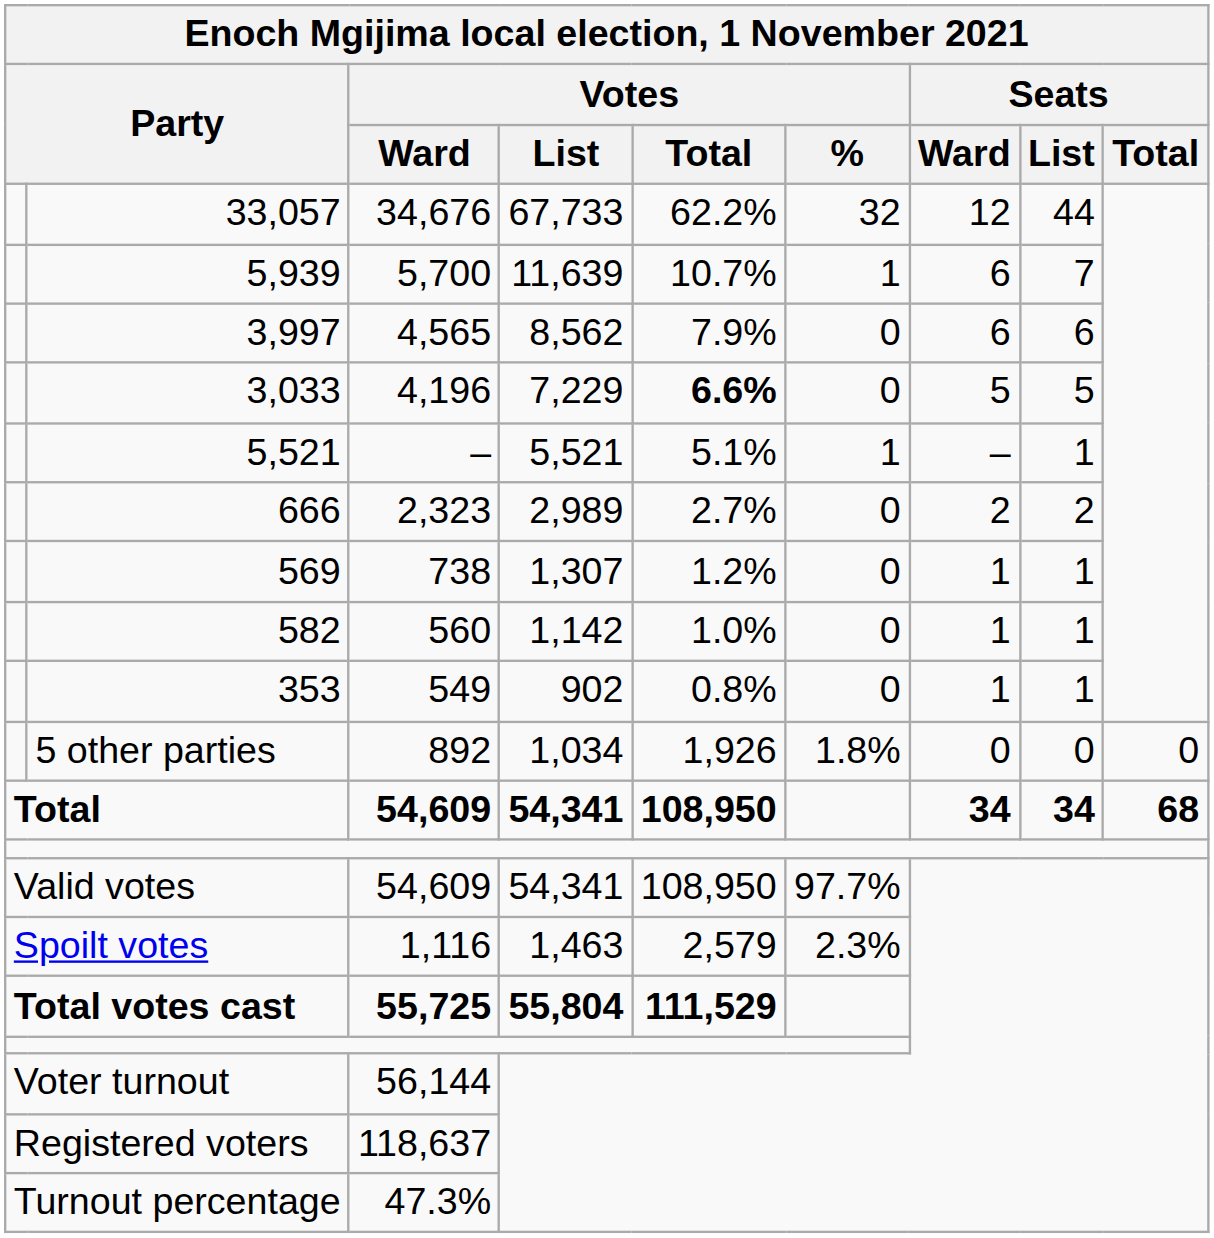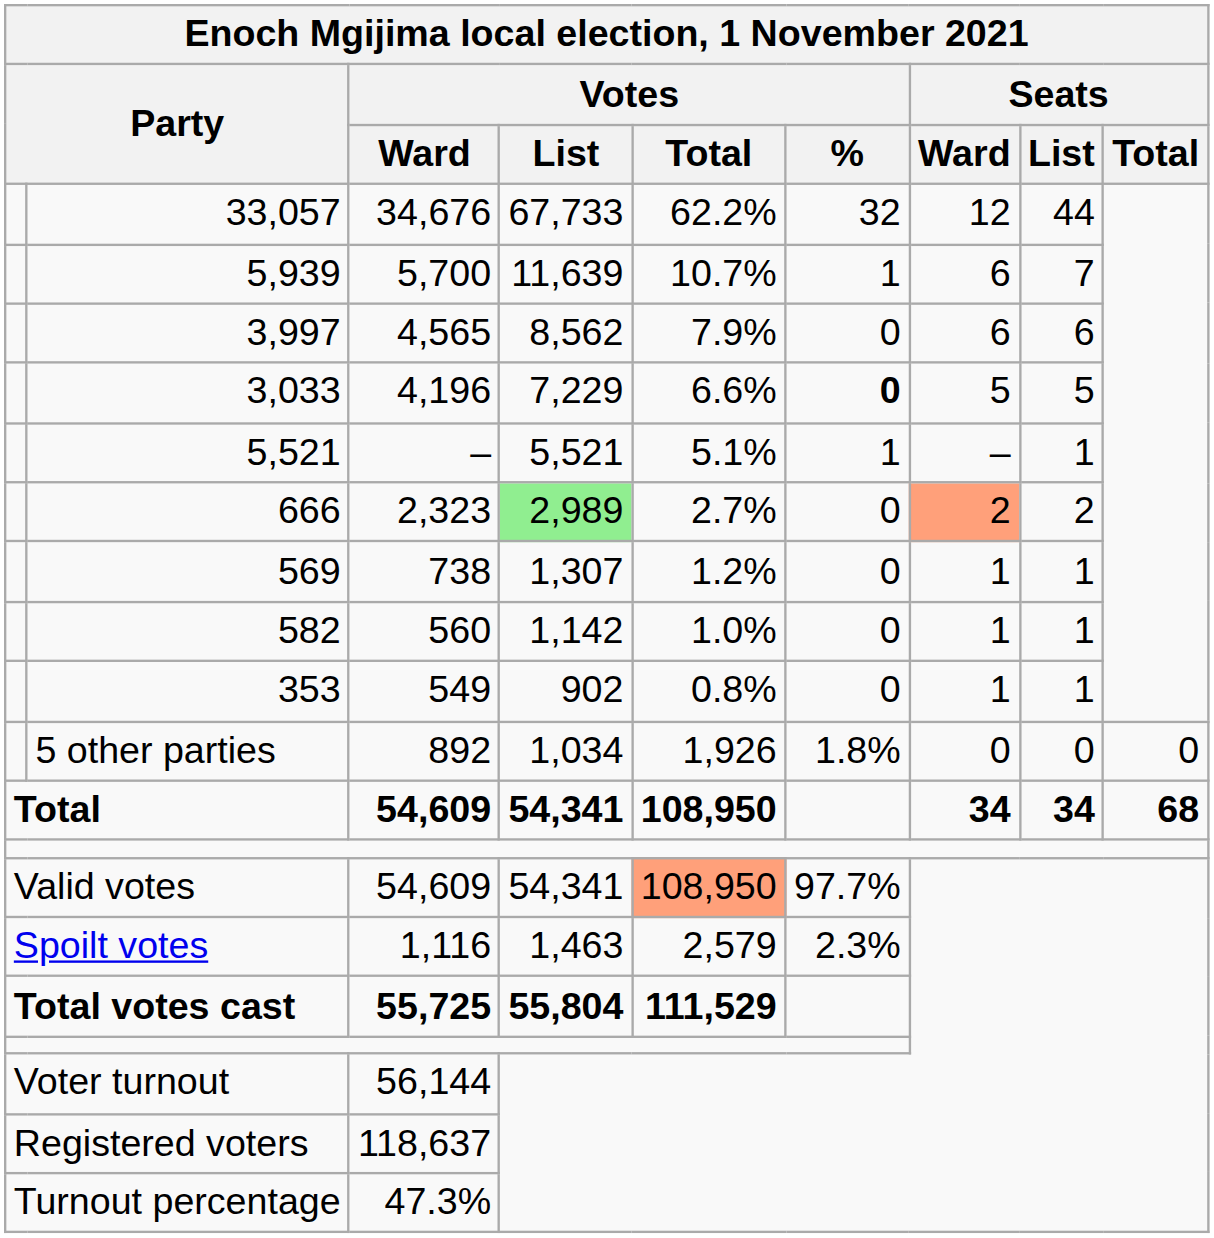 <table class=wikitable style="text-align:right">
 <tr>
 <th colspan="9" align="center">Enoch Mgijima local election, 1 November 2021</th>
 </tr>
 <tr>
 <th rowspan="2" colspan="2">Party</th>
 <th colspan="4" align="center">Votes</th>
 <th colspan="3" align="center">Seats</th>
 </tr>
 <tr>
 <th>Ward</th>
 <th>List</th>
 <th>Total</th>
 <th>%</th>
 <th>Ward</th>
 <th>List</th>
 <th>Total</th>
 </tr>
 <tr>
 <td></td>
 <td>33,057</td>
 <td>34,676</td>
 <td>67,733</td>
 <td>62.2%</td>
 <td>32</td>
 <td>12</td>
 <td>44</td>
 </tr>
 <tr>
 <td></td>
 <td>5,939</td>
 <td>5,700</td>
 <td>11,639</td>
 <td>10.7%</td>
 <td>1</td>
 <td>6</td>
 <td>7</td>
 </tr>
 <tr>
 <td></td>
 <td>3,997</td>
 <td>4,565</td>
 <td>8,562</td>
 <td>7.9%</td>
 <td>0</td>
 <td>6</td>
 <td>6</td>
 </tr>
 <tr>
 <td></td>
 <td>3,033</td>
 <td>4,196</td>
 <td>7,229</td>
-<td><strong>6.6%</strong></td>
-<td>0</td>
+<td>6.6%</td>
+<td><strong>0</strong></td>
 <td>5</td>
 <td>5</td>
 </tr>
 <tr>
 <td></td>
 <td>5,521</td>
 <td>–</td>
 <td>5,521</td>
 <td>5.1%</td>
 <td>1</td>
 <td>–</td>
 <td>1</td>
 </tr>
 <tr>
 <td></td>
 <td>666</td>
 <td>2,323</td>
-<td>2,989</td>
+<td style="background: lightgreen;">2,989</td>
 <td>2.7%</td>
 <td>0</td>
-<td>2</td>
+<td style="background: lightsalmon;">2</td>
 <td>2</td>
 </tr>
 <tr>
 <td></td>
 <td>569</td>
 <td>738</td>
 <td>1,307</td>
 <td>1.2%</td>
 <td>0</td>
 <td>1</td>
 <td>1</td>
 </tr>
 <tr>
 <td></td>
 <td>582</td>
 <td>560</td>
 <td>1,142</td>
 <td>1.0%</td>
 <td>0</td>
 <td>1</td>
 <td>1</td>
 </tr>
 <tr>
 <td></td>
 <td>353</td>
 <td>549</td>
 <td>902</td>
 <td>0.8%</td>
 <td>0</td>
 <td>1</td>
 <td>1</td>
 </tr>
 <tr>
 <td></td>
 <td style="text-align:left">5 other parties</td>
 <td>892</td>
 <td>1,034</td>
 <td>1,926</td>
 <td>1.8%</td>
 <td>0</td>
 <td>0</td>
 <td>0</td>
 </tr>
 <tr>
 <td colspan="2" style="text-align:left"><strong>Total</strong></td>
 <td><strong>54,609</strong></td>
 <td><strong>54,341</strong></td>
 <td><strong>108,950</strong></td>
 <td></td>
 <td><strong>34</strong></td>
 <td><strong>34</strong></td>
 <td><strong>68</strong></td>
 </tr>
 <tr>
 <td colspan="9"></td>
 </tr>
 <tr>
 <td colspan="2" style="text-align:left">Valid votes</td>
 <td>54,609</td>
 <td>54,341</td>
-<td>108,950</td>
+<td style="background: lightsalmon;">108,950</td>
 <td>97.7%</td>
 </tr>
 <tr>
 <td colspan="2" style="text-align:left"><a href='#'>Spoilt votes</a></td>
 <td>1,116</td>
 <td>1,463</td>
 <td>2,579</td>
 <td>2.3%</td>
 </tr>
 <tr>
 <td colspan="2" style="text-align:left"><strong>Total votes cast</strong></td>
 <td><strong>55,725</strong></td>
 <td><strong>55,804</strong></td>
 <td><strong>111,529</strong></td>
 <td></td>
 </tr>
 <tr>
 <td colspan="6"></td>
 </tr>
 <tr>
 <td colspan="2" style="text-align:left">Voter turnout</td>
 <td>56,144</td>
 </tr>
 <tr>
 <td colspan="2" style="text-align:left">Registered voters</td>
 <td>118,637</td>
 </tr>
 <tr>
 <td colspan="2" style="text-align:left">Turnout percentage</td>
 <td>47.3%</td>
 </tr>
 </table>
